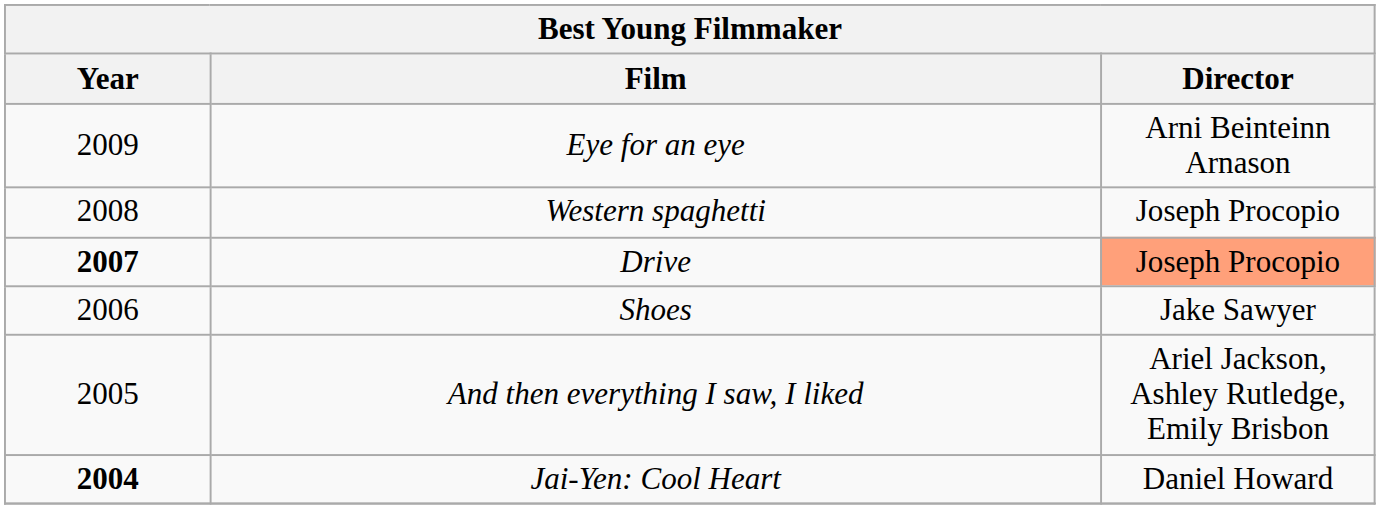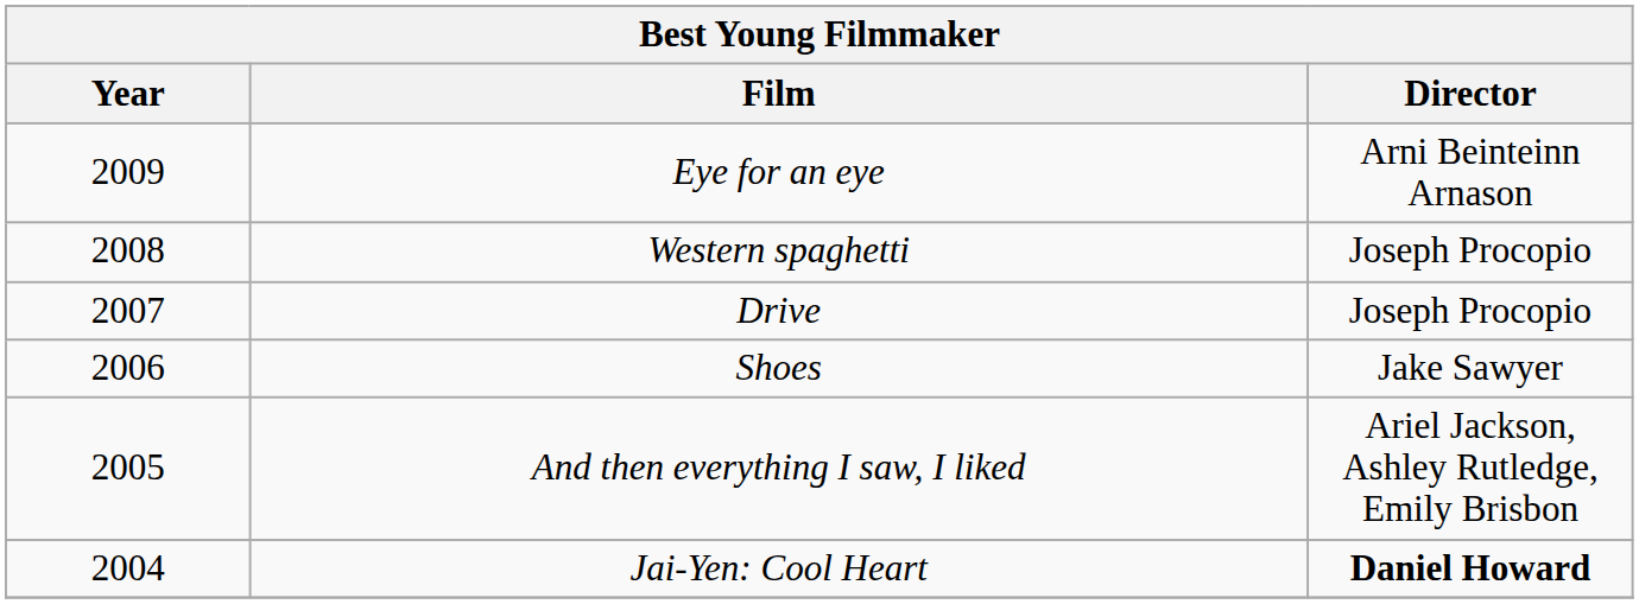 <table class="wikitable" width="80%">
 <tr>
 <th colspan="3" align="center">Best Young Filmmaker</th>
 </tr>
 <tr>
 <th width="15%">Year</th>
 <th width="65%">Film</th>
 <th width="20%">Director</th>
 </tr>
 <tr>
 <td align="center">2009</td>
 <td align="center"><em>Eye for an eye</em></td>
 <td align="center">Arni Beinteinn Arnason</td>
 </tr>
 <tr>
 <td align="center">2008</td>
 <td align="center"><em>Western spaghetti</em></td>
 <td align="center">Joseph Procopio</td>
 </tr>
 <tr>
-<td align="center"><strong>2007</strong></td>
+<td align="center">2007</td>
 <td align="center"><em>Drive</em></td>
-<td align="center" style="background: lightsalmon;">Joseph Procopio</td>
+<td align="center">Joseph Procopio</td>
 </tr>
 <tr>
 <td align="center">2006</td>
 <td align="center"><em>Shoes</em></td>
 <td align="center">Jake Sawyer</td>
 </tr>
 <tr>
 <td align="center">2005</td>
 <td align="center"><em>And then everything I saw, I liked</em></td>
 <td align="center">Ariel Jackson, Ashley Rutledge, Emily Brisbon</td>
 </tr>
 <tr>
-<td align="center"><strong>2004</strong></td>
+<td align="center">2004</td>
 <td align="center"><em>Jai-Yen: Cool Heart</em></td>
-<td align="center">Daniel Howard</td>
+<td align="center"><strong>Daniel Howard</strong></td>
 </tr>
 <tr>
 </tr>
 </table>
